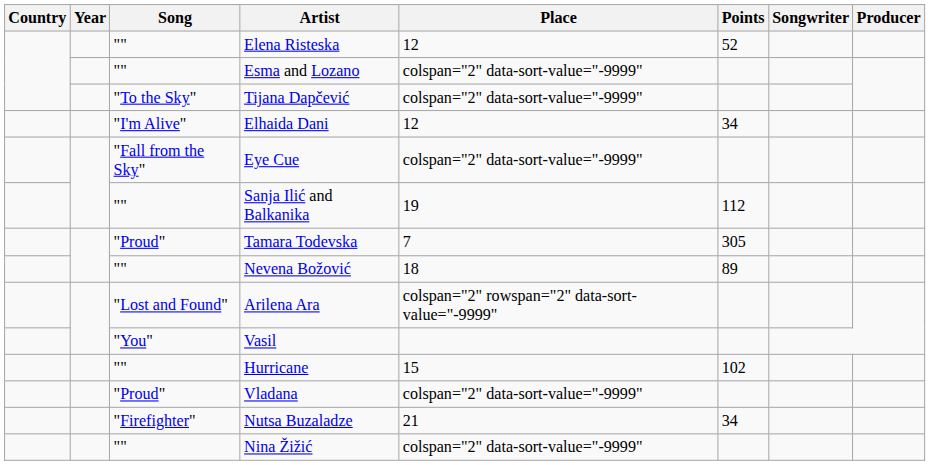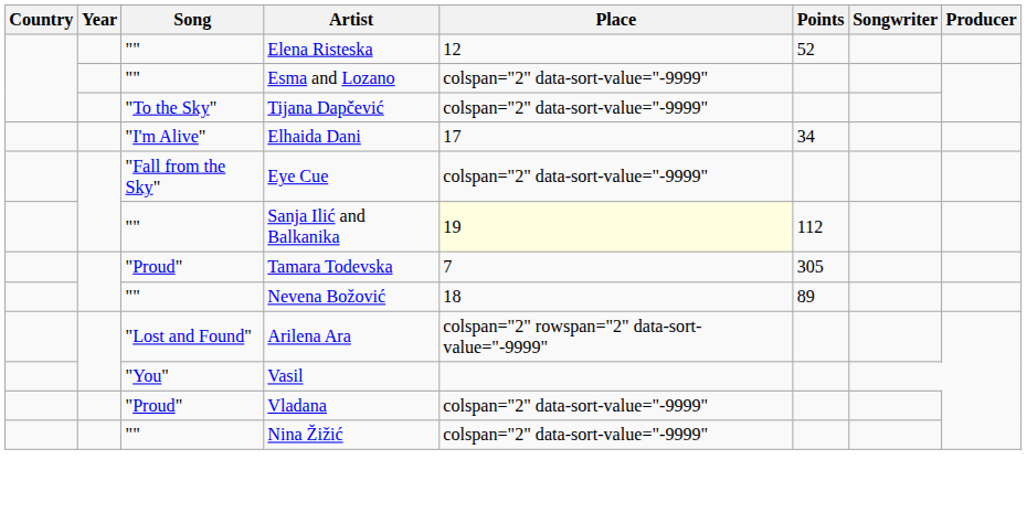 <table class="sortable wikitable" align="center" style="font-size: 95%">
 <tr>
 <th>Country</th>
 <th>Year</th>
 <th>Song</th>
 <th>Artist</th>
 <th>Place</th>
 <th>Points</th>
 <th>Songwriter</th>
 <th>Producer</th>
 </tr>
 <tr>
 <td rowspan="3"></td>
 <td></td>
 <td>"" </td>
 <td><a href='#'>Elena Risteska</a></td>
 <td>12</td>
 <td>52</td>
 <td></td>
 <td></td>
 </tr>
 <tr>
 <td></td>
 <td>"" </td>
 <td><a href='#'>Esma</a> and <a href='#'>Lozano</a></td>
 <td>colspan="2" data-sort-value="-9999" </td>
 <td></td>
 <td></td>
 </tr>
 <tr>
 <td></td>
 <td>"<a href='#'>To the Sky</a>"</td>
 <td><a href='#'>Tijana Dapčević</a></td>
 <td>colspan="2" data-sort-value="-9999" </td>
 <td></td>
 <td></td>
 </tr>
 <tr>
 <td></td>
 <td></td>
 <td>"<a href='#'>I'm Alive</a>"</td>
 <td><a href='#'>Elhaida Dani</a></td>
-<td>12</td>
+<td>17</td>
 <td>34</td>
 <td></td>
 <td></td>
 </tr>
 <tr>
 <td></td>
 <td rowspan="2"></td>
 <td>"<a href='#'>Fall from the Sky</a>"</td>
 <td><a href='#'>Eye Cue</a></td>
 <td>colspan="2" data-sort-value="-9999" </td>
 <td></td>
 <td></td>
 </tr>
 <tr>
 <td></td>
 <td>"" </td>
 <td><a href='#'>Sanja Ilić</a> and <a href='#'>Balkanika</a></td>
-<td>19</td>
+<td style="background: lightyellow;">19</td>
 <td>112</td>
 <td></td>
 <td></td>
 </tr>
 <tr>
 <td></td>
 <td rowspan="2"></td>
 <td>"<a href='#'>Proud</a>"</td>
 <td><a href='#'>Tamara Todevska</a></td>
 <td>7</td>
 <td>305</td>
 <td></td>
 <td></td>
 </tr>
 <tr>
 <td></td>
 <td>"" </td>
 <td><a href='#'>Nevena Božović</a></td>
 <td>18</td>
 <td>89</td>
 <td></td>
 <td></td>
 </tr>
 <tr>
 <td></td>
 <td rowspan="2"></td>
 <td>"<a href='#'>Lost and Found</a>"</td>
 <td><a href='#'>Arilena Ara</a></td>
 <td>colspan="2" rowspan="2" data-sort-value="-9999" </td>
 <td></td>
 <td></td>
 </tr>
 <tr>
 <td></td>
 <td>"<a href='#'>You</a>"</td>
 <td><a href='#'>Vasil</a></td>
 <td></td>
 <td></td>
 </tr>
 <tr>
 <td></td>
 <td></td>
-<td>""</td>
-<td><a href='#'>Hurricane</a></td>
-<td>15</td>
-<td>102</td>
-<td></td>
-<td></td>
-</tr>
-<tr>
-<td></td>
-<td></td>
 <td>"<a href='#'>Proud</a>"</td>
 <td><a href='#'>Vladana</a></td>
 <td>colspan="2" data-sort-value="-9999" </td>
-<td></td>
-<td></td>
-</tr>
-<tr>
-<td></td>
-<td></td>
-<td>"<a href='#'>Firefighter</a>"</td>
-<td><a href='#'>Nutsa Buzaladze</a></td>
-<td>21</td>
-<td>34</td>
 <td></td>
 <td></td>
 </tr>
 <tr>
 <td></td>
 <td></td>
 <td>"" </td>
 <td><a href='#'>Nina Žižić</a></td>
 <td>colspan="2" data-sort-value="-9999" </td>
 <td></td>
 <td></td>
 </tr>
 </table>
